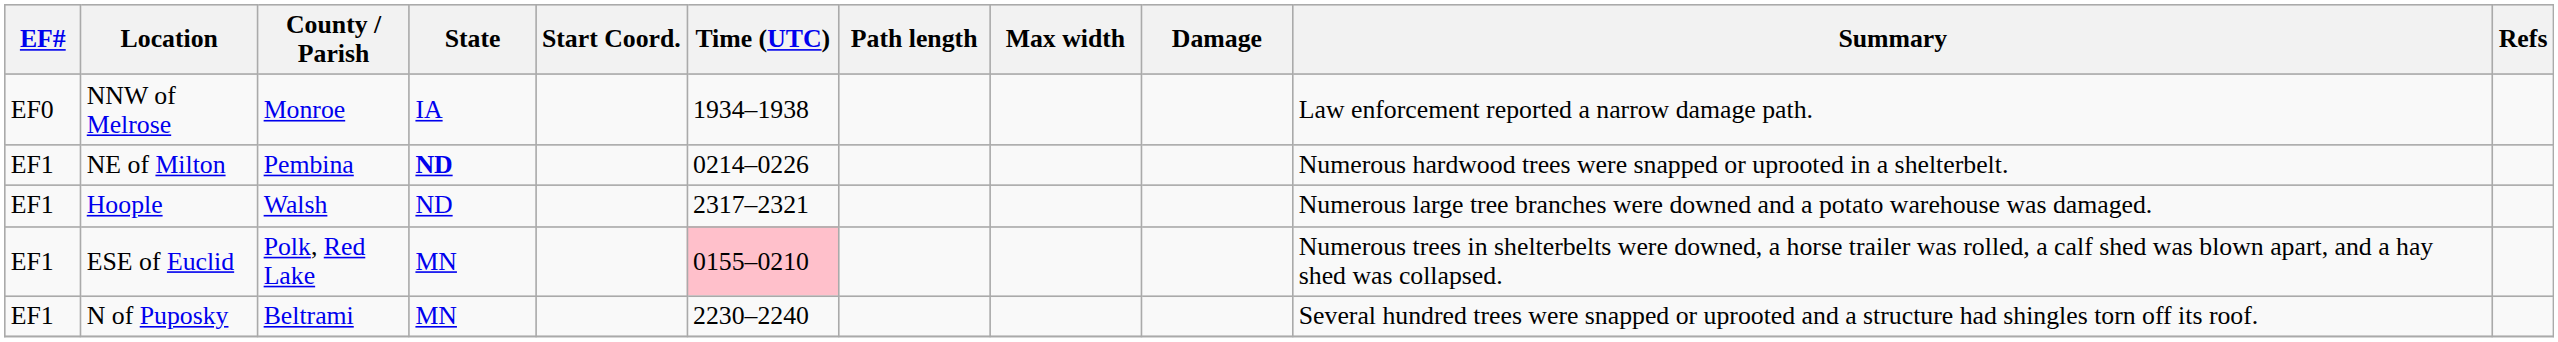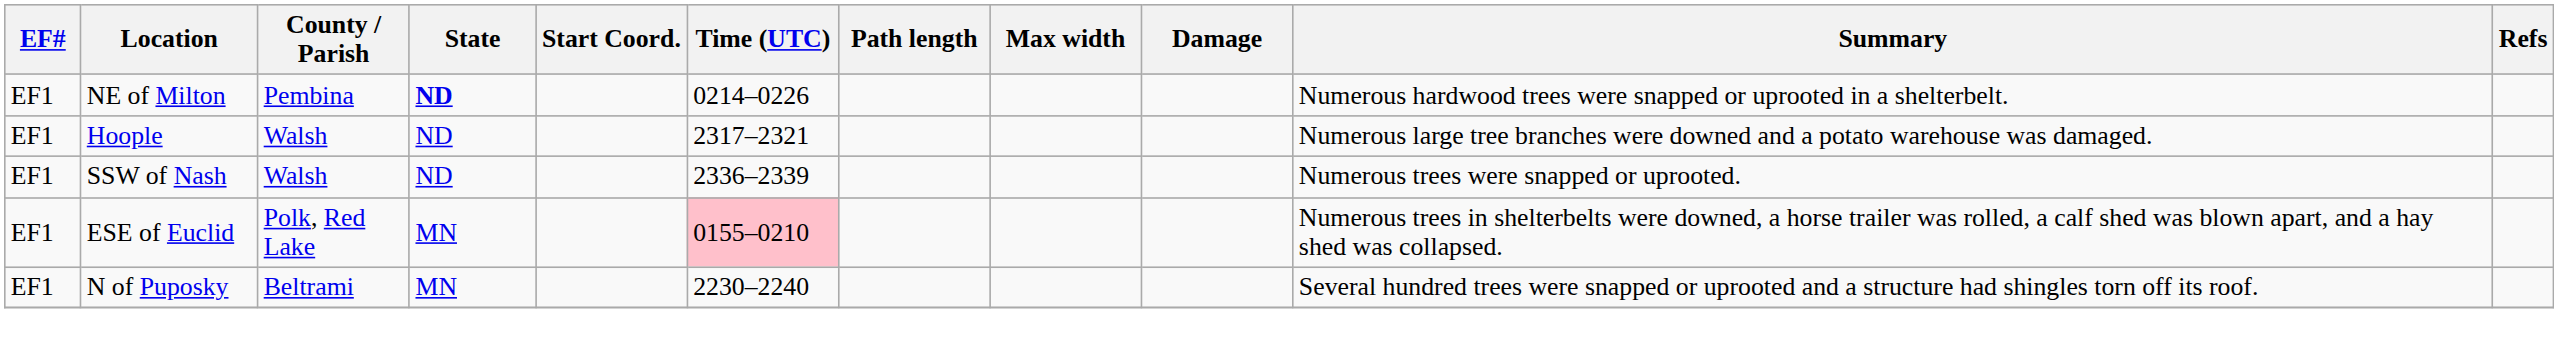 <table class="wikitable sortable" style="width:100%;">
 <tr>
 <th scope="col" width="3%" align="center"><a href='#'>EF#</a></th>
 <th scope="col" width="7%" align="center" class="unsortable">Location</th>
 <th scope="col" width="6%" align="center" class="unsortable">County / Parish</th>
 <th scope="col" width="5%" align="center">State</th>
 <th scope="col" width="6%" align="center">Start Coord.</th>
 <th scope="col" width="6%" align="center">Time (<a href='#'>UTC</a>)</th>
 <th scope="col" width="6%" align="center">Path length</th>
 <th scope="col" width="6%" align="center">Max width</th>
 <th scope="col" width="6%" align="center">Damage</th>
 <th scope="col" width="48%" class="unsortable" align="center">Summary</th>
 <th scope="col" width="48%" class="unsortable" align="center">Refs</th>
-</tr>
-<tr>
-<td>EF0</td>
-<td>NNW of <a href='#'>Melrose</a></td>
-<td><a href='#'>Monroe</a></td>
-<td><a href='#'>IA</a></td>
-<td></td>
-<td>1934–1938</td>
-<td></td>
-<td></td>
-<td></td>
-<td>Law enforcement reported a narrow damage path.</td>
-<td></td>
 </tr>
 <tr>
 <td>EF1</td>
 <td>NE of <a href='#'>Milton</a></td>
 <td><a href='#'>Pembina</a></td>
 <td><strong><a href='#'>ND</a></strong></td>
 <td></td>
 <td>0214–0226</td>
 <td></td>
 <td></td>
 <td></td>
 <td>Numerous hardwood trees were snapped or uprooted in a shelterbelt.</td>
 <td></td>
 </tr>
 <tr>
 <td>EF1</td>
 <td><a href='#'>Hoople</a></td>
 <td><a href='#'>Walsh</a></td>
 <td><a href='#'>ND</a></td>
 <td></td>
 <td>2317–2321</td>
 <td></td>
 <td></td>
 <td></td>
 <td>Numerous large tree branches were downed and a potato warehouse was damaged.</td>
+<td></td>
+</tr>
+<tr>
+<td>EF1</td>
+<td>SSW of <a href='#'>Nash</a></td>
+<td><a href='#'>Walsh</a></td>
+<td><a href='#'>ND</a></td>
+<td></td>
+<td>2336–2339</td>
+<td></td>
+<td></td>
+<td></td>
+<td>Numerous trees were snapped or uprooted.</td>
 <td></td>
 </tr>
 <tr>
 <td>EF1</td>
 <td>ESE of <a href='#'>Euclid</a></td>
 <td><a href='#'>Polk</a>, <a href='#'>Red Lake</a></td>
 <td><a href='#'>MN</a></td>
 <td></td>
 <td style="background: pink;">0155–0210</td>
 <td></td>
 <td></td>
 <td></td>
 <td>Numerous trees in shelterbelts were downed, a horse trailer was rolled, a calf shed was blown apart, and a hay shed was collapsed.</td>
 <td></td>
 </tr>
 <tr>
 <td>EF1</td>
 <td>N of <a href='#'>Puposky</a></td>
 <td><a href='#'>Beltrami</a></td>
 <td><a href='#'>MN</a></td>
 <td></td>
 <td>2230–2240</td>
 <td></td>
 <td></td>
 <td></td>
 <td>Several hundred trees were snapped or uprooted and a structure had shingles torn off its roof.</td>
 <td></td>
 </tr>
 <tr>
 </tr>
 </table>
